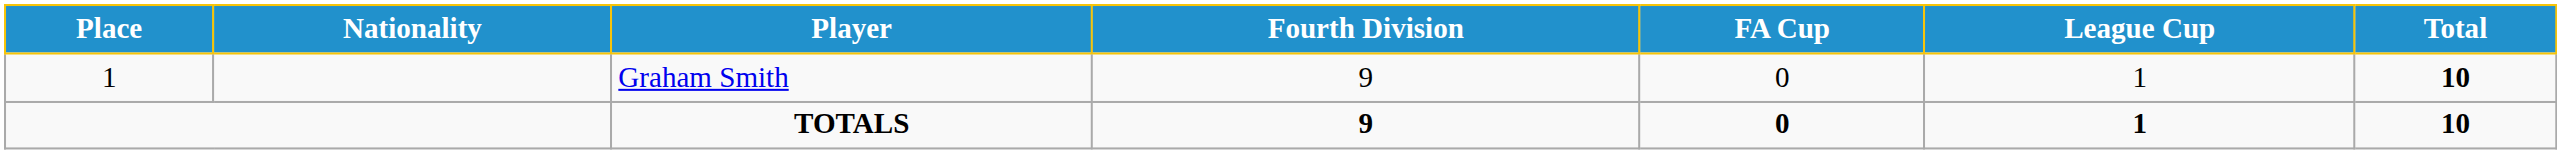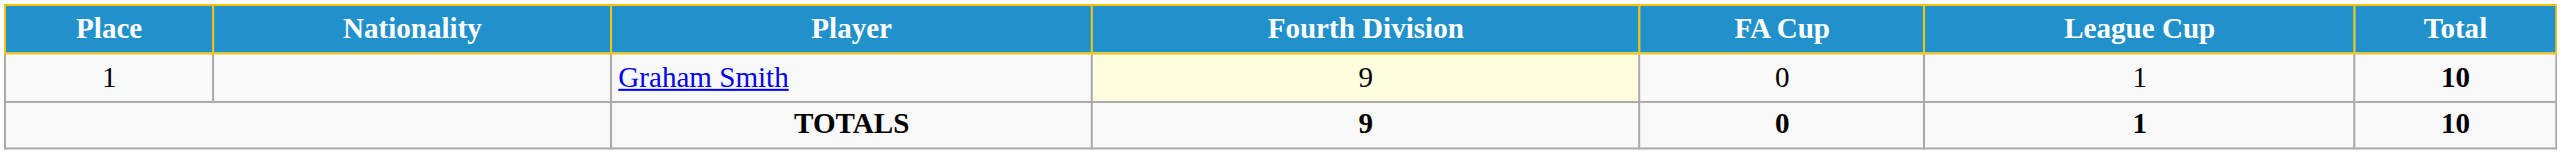 <table class="wikitable" style="text-align:center; font-size:90%; width:100%;">
 <tr>
 <th style="background:#2191CC; color:white; border:1px solid #F7C408; text-align:center;">Place</th>
 <th style="background:#2191CC; color:white; border:1px solid #F7C408; text-align:center;">Nationality</th>
 <th style="background:#2191CC; color:white; border:1px solid #F7C408; text-align:center;">Player</th>
 <th style="background:#2191CC; color:white; border:1px solid #F7C408; text-align:center;">Fourth Division</th>
 <th style="background:#2191CC; color:white; border:1px solid #F7C408; text-align:center;">FA Cup</th>
 <th style="background:#2191CC; color:white; border:1px solid #F7C408; text-align:center;">League Cup</th>
 <th style="background:#2191CC; color:white; border:1px solid #F7C408; text-align:center;">Total</th>
 </tr>
 <tr>
 <td>1</td>
 <td></td>
 <td align="left"><a href='#'>Graham Smith</a></td>
-<td>9</td>
+<td style="background: lightyellow;">9</td>
 <td>0</td>
 <td>1</td>
 <td><strong>10</strong></td>
 </tr>
 <tr>
 <td colspan="2"></td>
 <td><strong>TOTALS</strong></td>
 <td><strong>9</strong></td>
 <td><strong>0</strong></td>
 <td><strong>1</strong></td>
 <td><strong>10</strong></td>
 </tr>
 </table>
